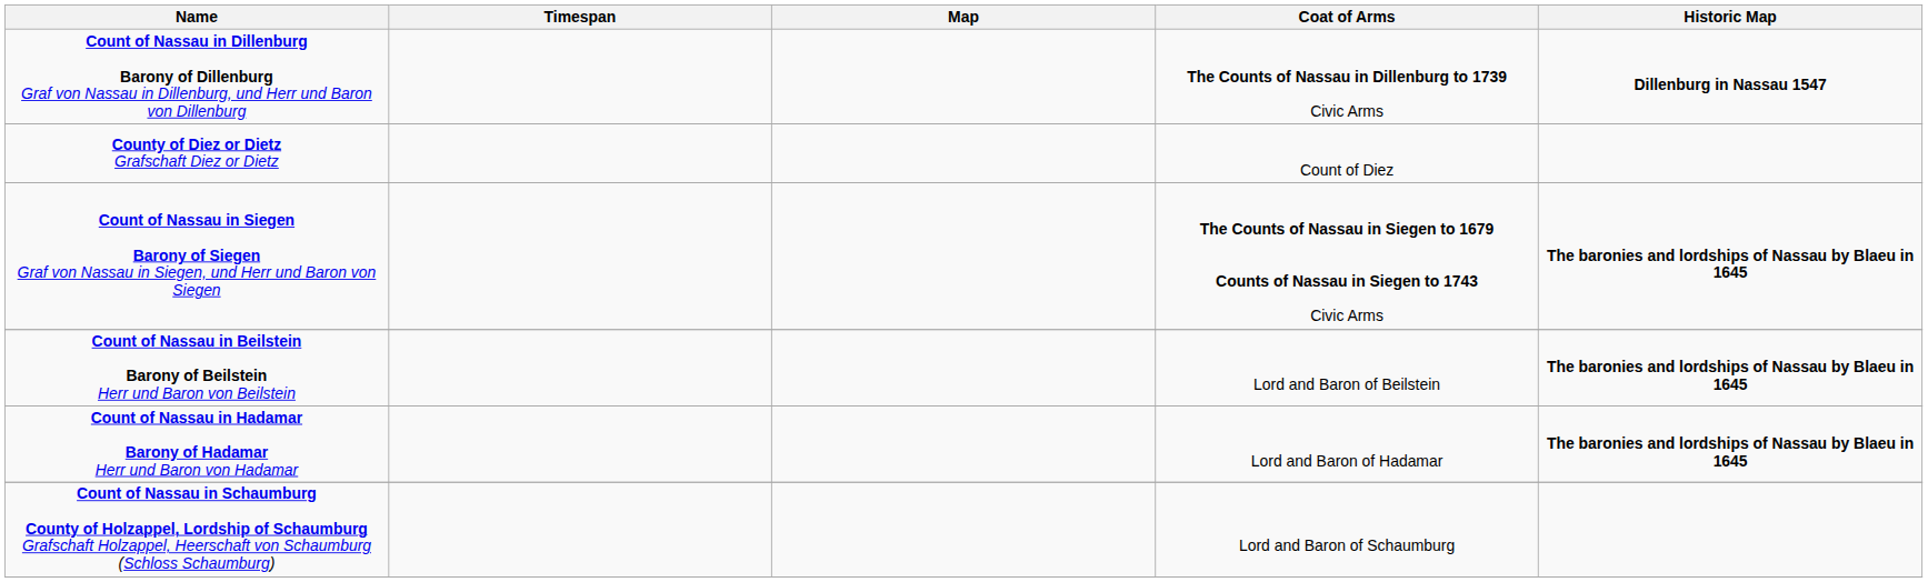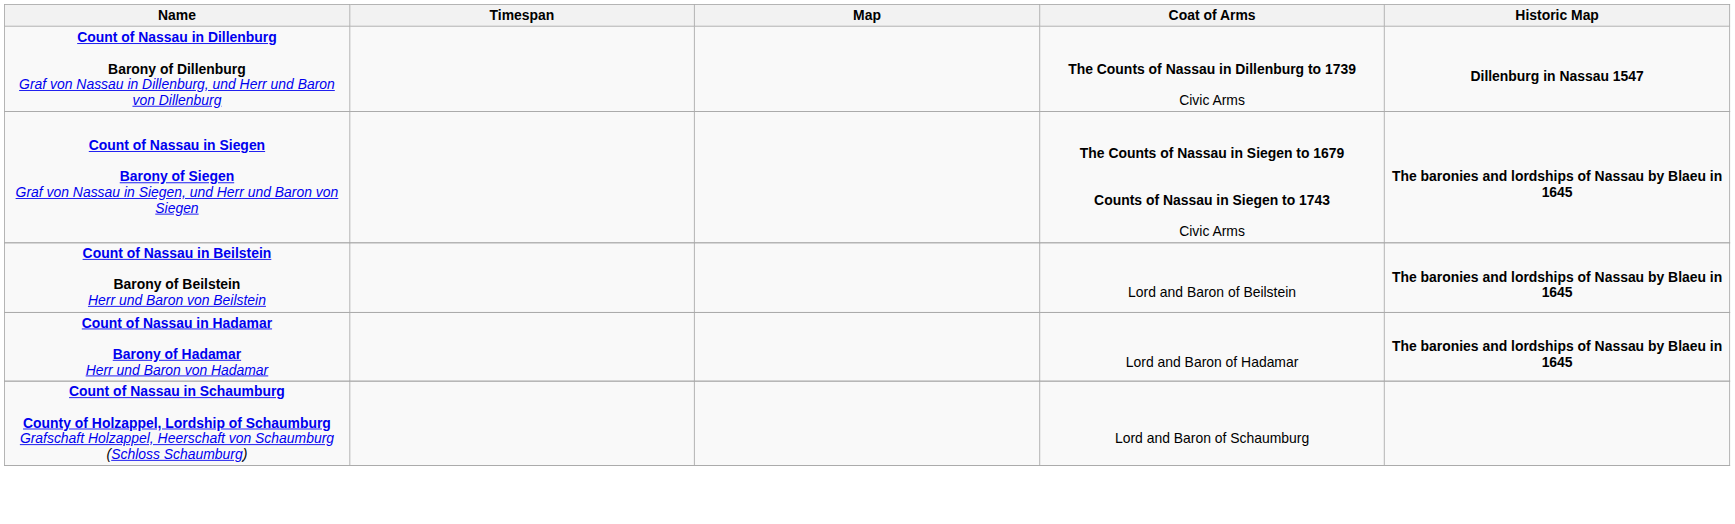 <table class="wikitable" style="text-align:center; width:100%">
 <tr>
 <th width=20%>Name</th>
 <th width=20%>Timespan</th>
 <th width=20%>Map</th>
 <th width=20%>Coat of Arms</th>
 <th width=20%>Historic Map</th>
 </tr>
 <tr>
 <td><strong><a href='#'>Count of Nassau in Dillenburg</a></strong><br><br><strong>Barony of Dillenburg</strong><br> <em><a href='#'>Graf von Nassau in Dillenburg, und Herr und Baron von Dillenburg</a></em></td>
 <td></td>
 <td></td>
 <td><br><br><strong>The Counts of Nassau in Dillenburg to 1739</strong><br><br> Civic Arms</td>
 <td><br><strong>Dillenburg in Nassau 1547</strong></td>
 </tr>
 <tr>
-</tr>
-<tr>
-<td><strong><a href='#'>County of Diez or Dietz</a></strong><br><em><a href='#'>Grafschaft Diez or Dietz</a></em></td>
-<td></td>
-<td></td>
-<td><br><br>Count of Diez</td>
-<td></td>
 </tr>
 <tr>
 </tr>
 <tr>
 <td><strong><a href='#'>Count of Nassau in Siegen</a></strong><br><br><strong><a href='#'>Barony of Siegen</a></strong><br> <em><a href='#'>Graf von Nassau in Siegen, und Herr und Baron von Siegen</a></em></td>
 <td></td>
 <td></td>
 <td><br><br><strong>The Counts of Nassau in Siegen to 1679</strong><br><br><br><strong>Counts of Nassau in Siegen to 1743</strong><br><br> Civic Arms</td>
 <td><br><strong>The baronies and lordships of Nassau by Blaeu in 1645</strong></td>
 </tr>
 <tr>
 </tr>
 <tr>
 <td><strong><a href='#'>Count of Nassau in Beilstein</a></strong><br><br><strong>Barony of Beilstein</strong><br> <em><a href='#'>Herr und Baron von Beilstein</a></em></td>
 <td></td>
 <td></td>
 <td><br><br>Lord and Baron of Beilstein</td>
 <td><br><strong>The baronies and lordships of Nassau by Blaeu in 1645</strong></td>
 </tr>
 <tr>
 </tr>
 <tr>
 <td><strong><a href='#'>Count of Nassau in Hadamar</a></strong><br><br><strong><a href='#'>Barony of Hadamar</a></strong><br> <em><a href='#'>Herr und Baron von Hadamar</a></em></td>
 <td></td>
 <td></td>
 <td><br><br>Lord and Baron of Hadamar</td>
 <td><br><strong>The baronies and lordships of Nassau by Blaeu in 1645</strong></td>
 </tr>
 <tr>
 </tr>
 <tr>
 <td><strong><a href='#'>Count of Nassau in Schaumburg</a></strong><br><br><strong><a href='#'>County of Holzappel, Lordship of Schaumburg</a></strong><br> <em><a href='#'>Grafschaft Holzappel, Heerschaft von Schaumburg</a> (<a href='#'>Schloss Schaumburg</a>)</em></td>
 <td></td>
 <td></td>
 <td><br><br>Lord and Baron of Schaumburg</td>
 <td></td>
 </tr>
 <tr>
 </tr>
 </table>
